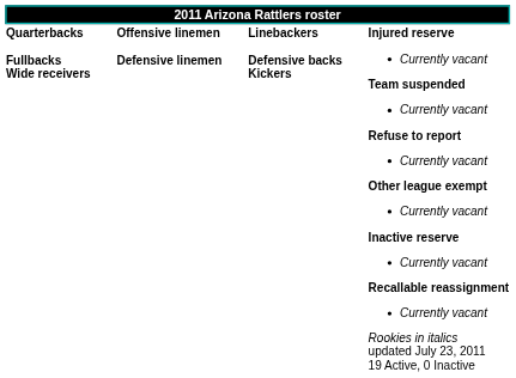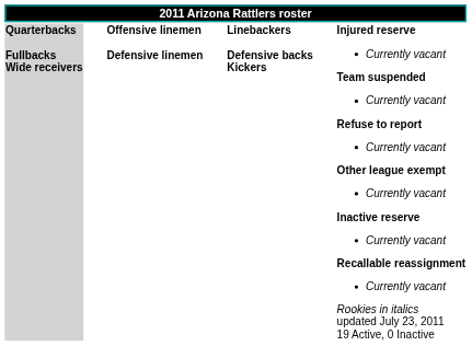 <table class="toccolours" style="text-align: left;">
 <tr>
 <th colspan=7 style="background:#000; border: 2px solid #00ADA9; color:white; text-align:center;"><strong>2011 Arizona Rattlers roster</strong></th>
 </tr>
 <tr>
-<td style="font-size: 95%;" valign="top"><strong>Quarterbacks</strong><br><br><strong>Fullbacks</strong> <br><strong>Wide receivers</strong>    </td>
+<td style="background: lightgrey; font-size: 95%;" valign="top"><strong>Quarterbacks</strong><br><br><strong>Fullbacks</strong> <br><strong>Wide receivers</strong>    </td>
 <td style="width: 25px;"></td>
 <td style="font-size: 95%;" valign="top"><strong>Offensive linemen</strong><br>  <br><strong>Defensive linemen</strong>   </td>
 <td style="width: 25px;"></td>
 <td style="font-size: 95%;" valign="top"><strong>Linebackers</strong><br> <br><strong>Defensive backs</strong>    <br><strong>Kickers</strong> </td>
 <td style="width: 25px;"></td>
 <td style="font-size: 95%;" valign="top"><strong>Injured reserve</strong><br><ul><li><em>Currently vacant</em></li></ul><strong>Team suspended</strong><ul><li><em>Currently vacant</em></li></ul><strong>Refuse to report</strong><ul><li><em>Currently vacant</em></li></ul><strong>Other league exempt</strong><ul><li><em>Currently vacant</em></li></ul><strong>Inactive reserve</strong><ul><li><em>Currently vacant</em></li></ul><strong>Recallable reassignment</strong><ul><li><em>Currently vacant</em></li></ul> <em>Rookies in italics</em><br> <span></span> updated July 23, 2011<br> 19 Active, 0 Inactive </td>
 </tr>
 <tr>
 </tr>
 </table>
